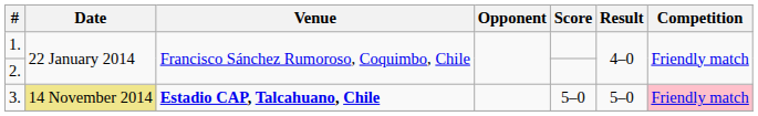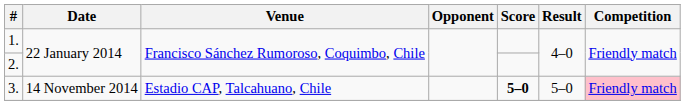 <table class="wikitable" style="font-size:90%">
 <tr>
 <th>#</th>
 <th>Date</th>
 <th>Venue</th>
 <th>Opponent</th>
 <th>Score</th>
 <th>Result</th>
 <th>Competition</th>
 </tr>
 <tr>
 <td>1.</td>
 <td rowspan="2">22 January 2014</td>
 <td rowspan="2"><a href='#'>Francisco Sánchez Rumoroso</a>, <a href='#'>Coquimbo</a>, <a href='#'>Chile</a></td>
 <td rowspan="2"></td>
 <td></td>
 <td rowspan="2" style="text-align:center;">4–0</td>
 <td rowspan="2"><a href='#'>Friendly match</a></td>
 </tr>
 <tr>
 <td>2.</td>
 <td></td>
 </tr>
 <tr>
 <td>3.</td>
-<td style="background: khaki;">14 November 2014</td>
-<td><strong><a href='#'>Estadio CAP</a>, <a href='#'>Talcahuano</a>, <a href='#'>Chile</a></strong></td>
+<td>14 November 2014</td>
+<td><a href='#'>Estadio CAP</a>, <a href='#'>Talcahuano</a>, <a href='#'>Chile</a></td>
 <td></td>
-<td align="center">5–0</td>
+<td align="center"><strong>5–0</strong></td>
 <td align="center">5–0</td>
 <td style="background: pink;"><a href='#'>Friendly match</a></td>
 </tr>
 <tr>
 </tr>
 </table>
